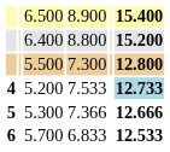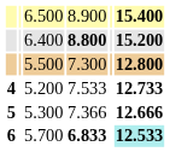 <table>
 <tr style="background:#fffcaf;">
 <th scope=row style="text-align:center"></th>
 <td style="text-align:left;"></td>
 <td>6.500</td>
 <td>8.900</td>
 <td></td>
 <td><strong>15.400</strong></td>
 </tr>
 <tr style="background:#e5e5e5;">
 <th scope=row style="text-align:center"></th>
 <td style="text-align:left;"></td>
 <td>6.400</td>
-<td>8.800</td>
+<td><strong>8.800</strong></td>
 <td></td>
 <td><strong>15.200</strong></td>
 </tr>
 <tr style="background:#ec9;">
 <th scope=row style="text-align:center"></th>
 <td style="text-align:left;"></td>
 <td>5.500</td>
 <td>7.300</td>
 <td></td>
 <td><strong>12.800</strong></td>
 </tr>
 <tr>
 <th scope=row style="text-align:center">4</th>
 <td style="text-align:left;"></td>
 <td>5.200</td>
 <td>7.533</td>
 <td></td>
-<td style="background: lightblue;"><strong>12.733</strong></td>
+<td><strong>12.733</strong></td>
 </tr>
 <tr>
 <th scope=row style="text-align:center">5</th>
 <td style="text-align:left;"></td>
 <td>5.300</td>
 <td>7.366</td>
 <td></td>
 <td><strong>12.666</strong></td>
 </tr>
 <tr>
 <th scope=row style="text-align:center">6</th>
 <td style="text-align:left;"></td>
 <td>5.700</td>
-<td>6.833</td>
+<td><strong>6.833</strong></td>
 <td></td>
-<td><strong>12.533</strong></td>
+<td style="background: paleturquoise;"><strong>12.533</strong></td>
 </tr>
 </table>
